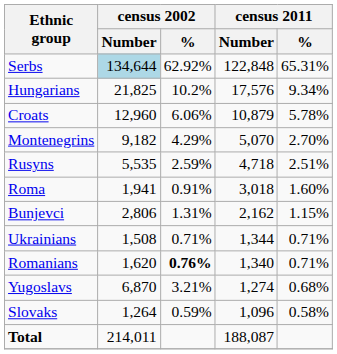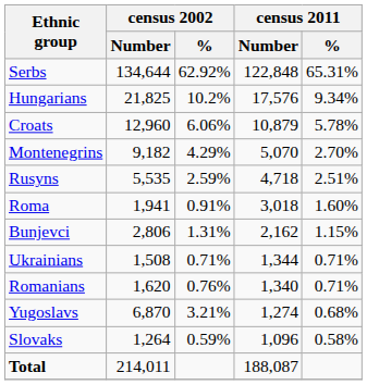 <table class="wikitable">
 <tr bgcolor="#e0e0e0">
 <th rowspan="2">Ethnic<br>group</th>
 <th colspan="2">census 2002</th>
 <th colspan="2">census 2011</th>
 </tr>
 <tr bgcolor="#e0e0e0">
 <th>Number</th>
 <th>%</th>
 <th>Number</th>
 <th>%</th>
 </tr>
 <tr>
 <td><a href='#'>Serbs</a></td>
-<td align="right" style="background: lightblue;">134,644</td>
+<td align="right">134,644</td>
 <td align="right">62.92%</td>
 <td align="right">122,848</td>
 <td align="right">65.31%</td>
 </tr>
 <tr>
 <td><a href='#'>Hungarians</a></td>
 <td align="right">21,825</td>
 <td align="right">10.2%</td>
 <td align="right">17,576</td>
 <td align="right">9.34%</td>
 </tr>
 <tr>
 <td><a href='#'>Croats</a></td>
 <td align="right">12,960</td>
 <td align="right">6.06%</td>
 <td align="right">10,879</td>
 <td align="right">5.78%</td>
 </tr>
 <tr>
 <td><a href='#'>Montenegrins</a></td>
 <td align="right">9,182</td>
 <td align="right">4.29%</td>
 <td align="right">5,070</td>
 <td align="right">2.70%</td>
 </tr>
 <tr>
 <td><a href='#'>Rusyns</a></td>
 <td align="right">5,535</td>
 <td align="right">2.59%</td>
 <td align="right">4,718</td>
 <td align="right">2.51%</td>
 </tr>
 <tr>
 <td><a href='#'>Roma</a></td>
 <td align="right">1,941</td>
 <td align="right">0.91%</td>
 <td align="right">3,018</td>
 <td align="right">1.60%</td>
 </tr>
 <tr>
 <td><a href='#'>Bunjevci</a></td>
 <td align="right">2,806</td>
 <td align="right">1.31%</td>
 <td align="right">2,162</td>
 <td align="right">1.15%</td>
 </tr>
 <tr>
 <td><a href='#'>Ukrainians</a></td>
 <td align="right">1,508</td>
 <td align="right">0.71%</td>
 <td align="right">1,344</td>
 <td align="right">0.71%</td>
 </tr>
 <tr>
 <td><a href='#'>Romanians</a></td>
 <td align="right">1,620</td>
-<td align="right"><strong>0.76%</strong></td>
+<td align="right">0.76%</td>
 <td align="right">1,340</td>
 <td align="right">0.71%</td>
 </tr>
 <tr>
 <td><a href='#'>Yugoslavs</a></td>
 <td align="right">6,870</td>
 <td align="right">3.21%</td>
 <td align="right">1,274</td>
 <td align="right">0.68%</td>
 </tr>
 <tr>
 <td><a href='#'>Slovaks</a></td>
 <td align="right">1,264</td>
 <td align="right">0.59%</td>
 <td align="right">1,096</td>
 <td align="right">0.58%</td>
 </tr>
 <tr>
 <td><strong>Total</strong></td>
 <td align="right">214,011</td>
 <td align="right"></td>
 <td align="right">188,087</td>
 <td align="right"></td>
 </tr>
 <tr>
 </tr>
 </table>
